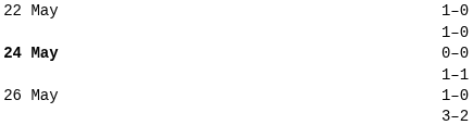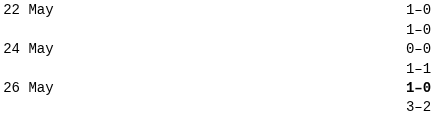 <table cellspacing=1 width=70%>
 <tr>
 <th width=25%></th>
 <th width=30%></th>
 <th width=15%></th>
 <th width=30%></th>
 </tr>
 <tr>
 <td>22 May</td>
 <td align=right></td>
 <td align=center>1–0</td>
 <td></td>
 </tr>
 <tr>
 <td></td>
 <td align=right></td>
 <td align=center>1–0</td>
 <td></td>
 </tr>
 <tr>
-<td><strong>24 May</strong></td>
+<td>24 May</td>
 <td align=right></td>
 <td align=center>0–0</td>
 <td></td>
 </tr>
 <tr>
 <td></td>
 <td align=right></td>
 <td align=center>1–1</td>
 <td></td>
 </tr>
 <tr>
 <td>26 May</td>
 <td align=right></td>
-<td align=center>1–0</td>
+<td align=center><strong>1–0</strong></td>
 <td></td>
 </tr>
 <tr>
 <td></td>
 <td align=right></td>
 <td align=center>3–2</td>
 <td></td>
 </tr>
 </table>
